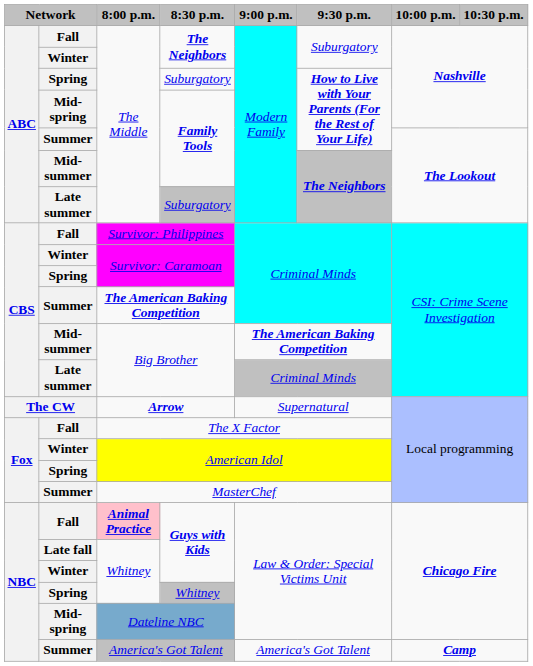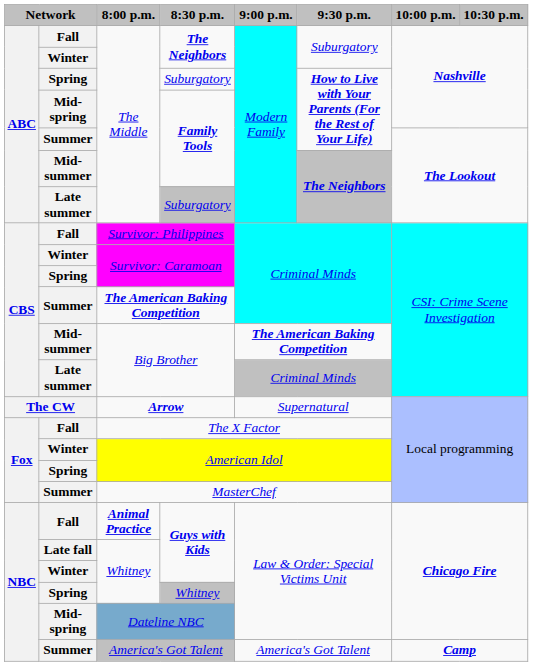 <table class="wikitable" style="width:100%;margin-right:0;text-align:center">
 <tr>
 <th colspan="2" style="background-color:#C0C0C0;text-align:center">Network</th>
 <th style="background-color:#C0C0C0;text-align:center">8:00 p.m.</th>
 <th style="background-color:#C0C0C0;text-align:center">8:30 p.m.</th>
 <th style="background-color:#C0C0C0;text-align:center">9:00 p.m.</th>
 <th style="background-color:#C0C0C0;text-align:center">9:30 p.m.</th>
 <th style="background-color:#C0C0C0;text-align:center">10:00 p.m.</th>
 <th style="background-color:#C0C0C0;text-align:center">10:30 p.m.</th>
 </tr>
 <tr>
 <th rowspan="7"><a href='#'>ABC</a></th>
 <th>Fall</th>
 <td rowspan="7"><em><a href='#'>The Middle</a></em></td>
 <td rowspan="2"><strong><em><a href='#'>The Neighbors</a></em></strong></td>
 <td rowspan="7" style="background:#00FFFF;"><em><a href='#'>Modern Family</a></em> </td>
 <td rowspan="2"><em><a href='#'>Suburgatory</a></em></td>
 <td rowspan="4" colspan="2"><strong><em><a href='#'>Nashville</a></em></strong></td>
 </tr>
 <tr>
 <th>Winter</th>
 </tr>
 <tr>
 <th>Spring</th>
 <td><em><a href='#'>Suburgatory</a></em></td>
 <td rowspan="3"><strong><em><a href='#'>How to Live with Your Parents (For the Rest of Your Life)</a></em></strong></td>
 </tr>
 <tr>
 <th>Mid-spring</th>
 <td rowspan="3"><strong><em><a href='#'>Family Tools</a></em></strong></td>
 </tr>
 <tr>
 <th>Summer</th>
 <td colspan="2" rowspan="3"><strong><em><a href='#'>The Lookout</a></em></strong></td>
 </tr>
 <tr>
 <th>Mid-summer</th>
 <td rowspan="2" style="background:#C0C0C0;"><strong><em><a href='#'>The Neighbors</a></em></strong> </td>
 </tr>
 <tr>
 <th>Late summer</th>
 <td style="background:#C0C0C0;"><em><a href='#'>Suburgatory</a></em> </td>
 </tr>
 <tr>
 <th rowspan="6"><a href='#'>CBS</a></th>
 <th>Fall</th>
 <td style="background:#FF00FF;" colspan="2"><em><a href='#'>Survivor: Philippines</a></em> </td>
 <td style="background:#00FFFF;" colspan="2" rowspan="4"><em><a href='#'>Criminal Minds</a></em> </td>
 <td style="background:#00FFFF;" colspan="2" rowspan="6"><em><a href='#'>CSI: Crime Scene Investigation</a></em> </td>
 </tr>
 <tr>
 <th>Winter</th>
 <td style="background:#FF00FF;" colspan="2" rowspan="2"><em><a href='#'>Survivor: Caramoan</a></em> </td>
 </tr>
 <tr>
 <th>Spring</th>
 </tr>
 <tr>
 <th>Summer</th>
 <td colspan="2"><strong><em><a href='#'>The American Baking Competition</a></em></strong></td>
 </tr>
 <tr>
 <th>Mid-summer</th>
 <td colspan="2" rowspan="2"><em><a href='#'>Big Brother</a></em></td>
 <td colspan="2"><strong><em><a href='#'>The American Baking Competition</a></em></strong></td>
 </tr>
 <tr>
 <th>Late summer</th>
 <td colspan="2" style="background:#C0C0C0;"><em><a href='#'>Criminal Minds</a></em> </td>
 </tr>
 <tr>
 <th colspan="2"><a href='#'>The CW</a></th>
 <td colspan="2"><strong><em><a href='#'>Arrow</a></em></strong></td>
 <td colspan="2"><em><a href='#'>Supernatural</a></em></td>
 <td style="background:#abbfff;" colspan="2" rowspan="5">Local programming</td>
 </tr>
 <tr>
 <th rowspan="4"><a href='#'>Fox</a></th>
 <th>Fall</th>
 <td colspan="4"><em><a href='#'>The X Factor</a></em></td>
 </tr>
 <tr>
 <th>Winter</th>
 <td style="background:#FFFF00;" colspan="4" rowspan="2"><em><a href='#'>American Idol</a></em> </td>
 </tr>
 <tr>
 <th>Spring</th>
 </tr>
 <tr>
 <th>Summer</th>
 <td colspan="4"><em><a href='#'>MasterChef</a></em></td>
 </tr>
 <tr>
 <th rowspan="6"><a href='#'>NBC</a></th>
 <th>Fall</th>
-<td style="background: pink;"><strong><em><a href='#'>Animal Practice</a></em></strong></td>
+<td><strong><em><a href='#'>Animal Practice</a></em></strong></td>
 <td rowspan="3"><strong><em><a href='#'>Guys with Kids</a></em></strong></td>
 <td colspan="2" rowspan="5"><em><a href='#'>Law & Order: Special Victims Unit</a></em></td>
 <td colspan="2" rowspan="5"><strong><em><a href='#'>Chicago Fire</a></em></strong></td>
 </tr>
 <tr>
 <th>Late fall</th>
 <td rowspan="3"><em><a href='#'>Whitney</a></em></td>
 </tr>
 <tr>
 <th>Winter</th>
 </tr>
 <tr>
 <th>Spring</th>
 <td style="background:#C0C0C0;"><em><a href='#'>Whitney</a></em> </td>
 </tr>
 <tr>
 <th>Mid-spring</th>
 <td style="background:#77AACC;" colspan="2"><em><a href='#'>Dateline NBC</a></em></td>
 </tr>
 <tr>
 <th>Summer</th>
 <td style="background:#C0C0C0;" colspan="2"><em><a href='#'>America's Got Talent</a></em> </td>
 <td colspan="2"><em><a href='#'>America's Got Talent</a></em></td>
 <td colspan="2"><strong><em><a href='#'>Camp</a></em></strong></td>
 </tr>
 </table>
